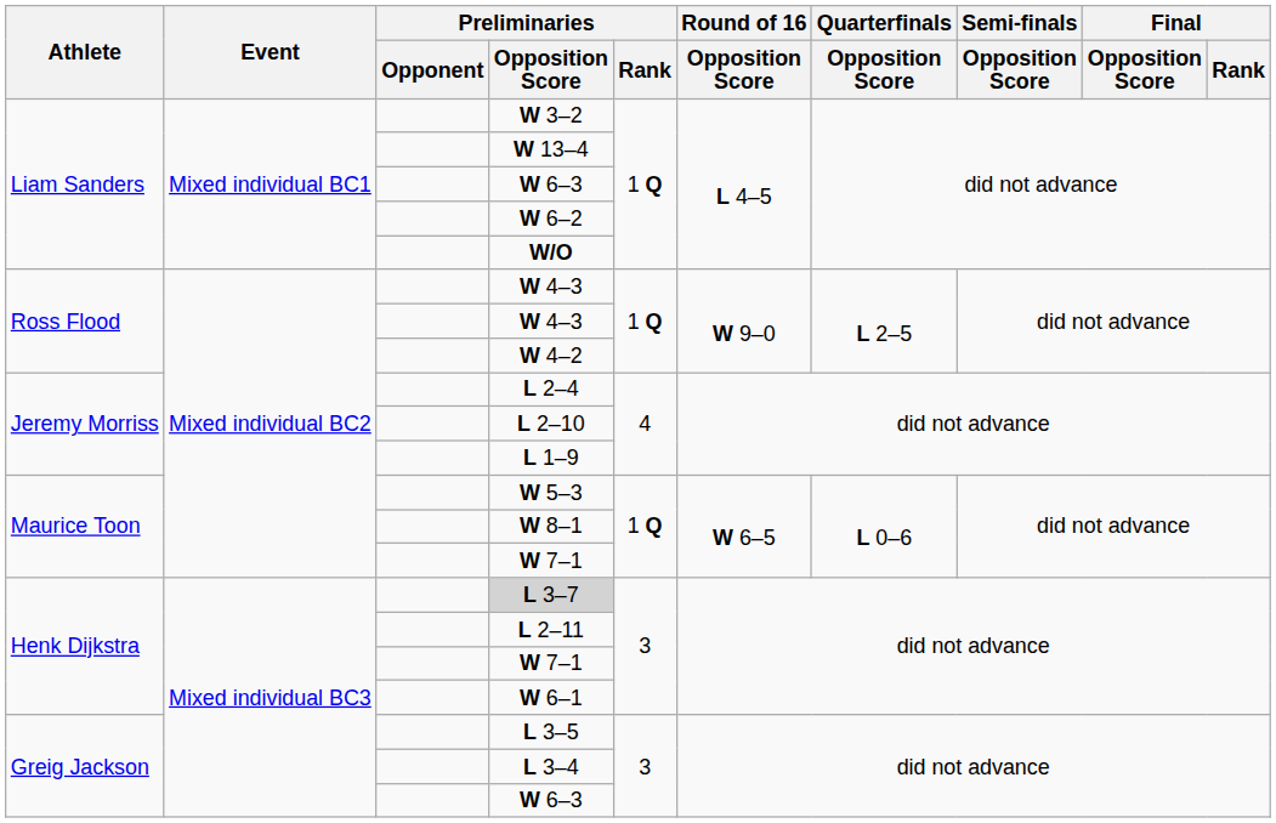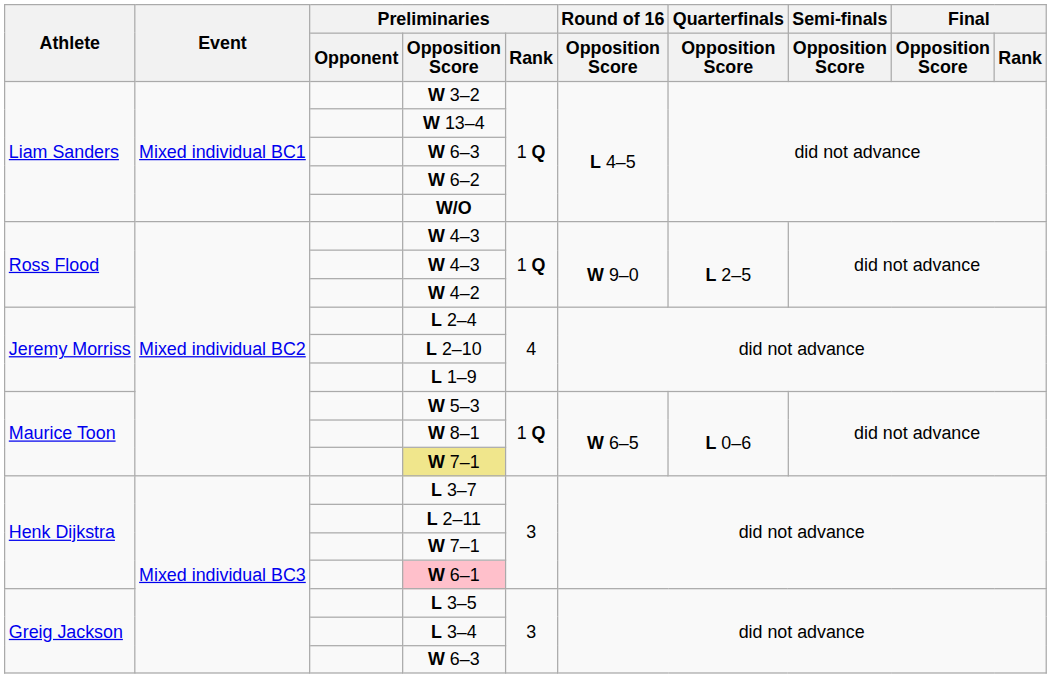 <table class=wikitable style="font-size:90%">
 <tr>
 <th rowspan="2">Athlete</th>
 <th rowspan="2">Event</th>
 <th colspan="3">Preliminaries</th>
 <th>Round of 16</th>
 <th>Quarterfinals</th>
 <th>Semi-finals</th>
 <th colspan="2">Final</th>
 </tr>
 <tr>
 <th>Opponent</th>
 <th>Opposition<br>Score</th>
 <th>Rank</th>
 <th>Opposition<br>Score</th>
 <th>Opposition<br>Score</th>
 <th>Opposition<br>Score</th>
 <th>Opposition<br>Score</th>
 <th>Rank</th>
 </tr>
 <tr>
 <td rowspan="5"><a href='#'>Liam Sanders</a></td>
 <td rowspan="5"><a href='#'>Mixed individual BC1</a></td>
 <td align="left"></td>
 <td align="center"><strong>W</strong> 3–2</td>
 <td align="center" rowspan="5">1 <strong>Q</strong></td>
 <td align="center" rowspan="5"><br><strong>L</strong> 4–5</td>
 <td align="center" rowspan="5" colspan="4">did not advance</td>
 </tr>
 <tr>
 <td align="left"></td>
 <td align="center"><strong>W</strong> 13–4</td>
 </tr>
 <tr>
 <td align="left"></td>
 <td align="center"><strong>W</strong> 6–3</td>
 </tr>
 <tr>
 <td align="left"></td>
 <td align="center"><strong>W</strong> 6–2</td>
 </tr>
 <tr>
 <td align="left"></td>
 <td align="center"><strong>W/O</strong></td>
 </tr>
 <tr>
 <td rowspan="3"><a href='#'>Ross Flood</a></td>
 <td rowspan="9"><a href='#'>Mixed individual BC2</a></td>
 <td align="left"></td>
 <td align="center"><strong>W</strong> 4–3</td>
 <td align="center" rowspan="3">1 <strong>Q</strong></td>
 <td align="center" rowspan="3"><br><strong>W</strong> 9–0</td>
 <td align="center" rowspan="3"><br><strong>L</strong> 2–5</td>
 <td align="center" rowspan="3" colspan="3">did not advance</td>
 </tr>
 <tr>
 <td align="left"></td>
 <td align="center"><strong>W</strong> 4–3</td>
 </tr>
 <tr>
 <td align="left"></td>
 <td align="center"><strong>W</strong> 4–2</td>
 </tr>
 <tr>
 <td rowspan="3"><a href='#'>Jeremy Morriss</a></td>
 <td align="left"></td>
 <td align="center"><strong>L</strong> 2–4</td>
 <td align="center" rowspan="3">4</td>
 <td align="center" rowspan="3" colspan="5">did not advance</td>
 </tr>
 <tr>
 <td align="left"></td>
 <td align="center"><strong>L</strong> 2–10</td>
 </tr>
 <tr>
 <td align="left"></td>
 <td align="center"><strong>L</strong> 1–9</td>
 </tr>
 <tr>
 <td rowspan="3"><a href='#'>Maurice Toon</a></td>
 <td align="left"></td>
 <td align="center"><strong>W</strong> 5–3</td>
 <td align="center" rowspan="3">1 <strong>Q</strong></td>
 <td align="center" rowspan="3"><br><strong>W</strong> 6–5</td>
 <td align="center" rowspan="3"><br><strong>L</strong> 0–6</td>
 <td align="center" rowspan="3" colspan="3">did not advance</td>
 </tr>
 <tr>
 <td align="left"></td>
 <td align="center"><strong>W</strong> 8–1</td>
 </tr>
 <tr>
 <td align="left"></td>
-<td align="center"><strong>W</strong> 7–1</td>
+<td align="center" style="background: khaki;"><strong>W</strong> 7–1</td>
 </tr>
 <tr>
 <td rowspan="4"><a href='#'>Henk Dijkstra</a></td>
 <td rowspan="7"><a href='#'>Mixed individual BC3</a></td>
 <td align="left"></td>
-<td align="center" style="background: lightgrey;"><strong>L</strong> 3–7</td>
+<td align="center"><strong>L</strong> 3–7</td>
 <td align="center" rowspan="4">3</td>
 <td align="center" rowspan="4" colspan="5">did not advance</td>
 </tr>
 <tr>
 <td align="left"></td>
 <td align="center"><strong>L</strong> 2–11</td>
 </tr>
 <tr>
 <td align="left"></td>
 <td align="center"><strong>W</strong> 7–1</td>
 </tr>
 <tr>
 <td align="left"></td>
-<td align="center"><strong>W</strong> 6–1</td>
+<td align="center" style="background: pink;"><strong>W</strong> 6–1</td>
 </tr>
 <tr>
 <td rowspan="3"><a href='#'>Greig Jackson</a></td>
 <td align="left"></td>
 <td align="center"><strong>L</strong> 3–5</td>
 <td align="center" rowspan="3">3</td>
 <td align="center" rowspan="3" colspan="5">did not advance</td>
 </tr>
 <tr>
 <td align="left"></td>
 <td align="center"><strong>L</strong> 3–4</td>
 </tr>
 <tr>
 <td align="left"></td>
 <td align="center"><strong>W</strong> 6–3</td>
 </tr>
 </table>
